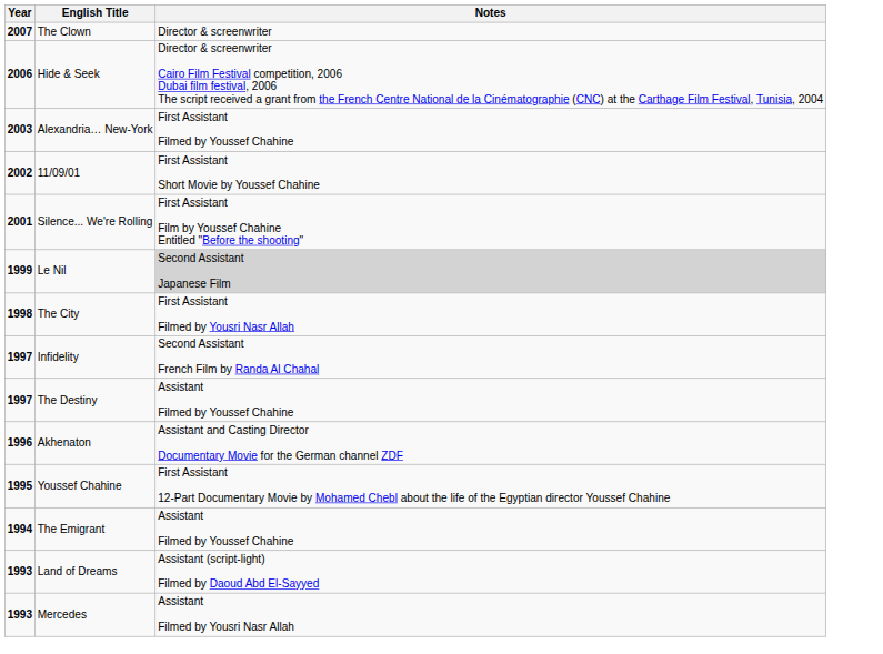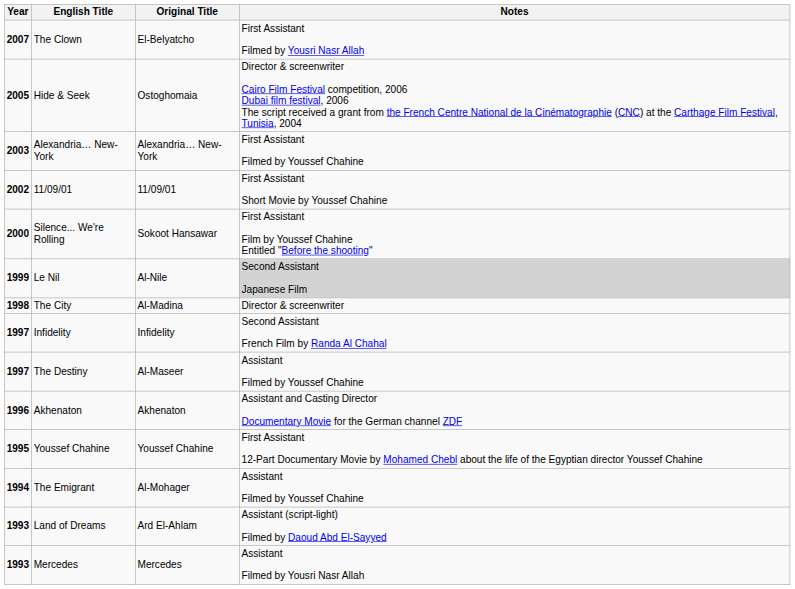 <table class="wikitable">
 <tr>
 <th>Year</th>
 <th>English Title</th>
+<th>Original Title</th>
 <th>Notes</th>
 </tr>
 <tr>
 <td><strong>2007</strong></td>
 <td>The Clown</td>
-<td>Director & screenwriter</td>
+<td>El-Belyatcho</td>
+<td>First Assistant <br><br>Filmed by <a href='#'>Yousri Nasr Allah</a></td>
 </tr>
 <tr>
-<td><strong>2006</strong></td>
+<td><strong>2005</strong></td>
 <td>Hide & Seek</td>
+<td>Ostoghomaia</td>
 <td>Director & screenwriter<br><br><a href='#'>Cairo Film Festival</a> competition, 2006<br> <a href='#'>Dubai film festival</a>, 2006<br> The script received a grant from <a href='#'>the French Centre National de la Cinématographie</a> (<a href='#'>CNC</a>) at the <a href='#'>Carthage Film Festival</a>, <a href='#'>Tunisia</a>, 2004</td>
 </tr>
 <tr>
 <td><strong>2003</strong></td>
+<td>Alexandria… New-York</td>
 <td>Alexandria… New-York</td>
 <td>First Assistant<br><br>Filmed by Youssef Chahine</td>
 </tr>
 <tr>
 <td><strong>2002</strong></td>
 <td>11/09/01</td>
+<td>11/09/01</td>
 <td>First Assistant  <br><br>Short Movie by Youssef Chahine</td>
 </tr>
 <tr>
-<td><strong>2001</strong></td>
+<td><strong>2000</strong></td>
 <td>Silence... We're Rolling</td>
+<td>Sokoot Hansawar</td>
 <td>First Assistant <br><br>Film by Youssef Chahine<br> Entitled "<a href='#'>Before the shooting</a>"</td>
 </tr>
 <tr>
 <td><strong>1999</strong></td>
 <td>Le Nil</td>
+<td>Al-Nile</td>
 <td style="background: lightgrey;">Second Assistant <br><br>Japanese Film</td>
 </tr>
 <tr>
 <td><strong>1998</strong></td>
 <td>The City</td>
-<td>First Assistant <br><br>Filmed by <a href='#'>Yousri Nasr Allah</a></td>
+<td>Al-Madina</td>
+<td>Director & screenwriter</td>
 </tr>
 <tr>
 <td><strong>1997</strong></td>
+<td>Infidelity</td>
 <td>Infidelity</td>
 <td>Second Assistant <br><br>French Film by <a href='#'>Randa Al Chahal</a></td>
 </tr>
 <tr>
 <td><strong>1997</strong></td>
 <td>The Destiny</td>
+<td>Al-Maseer</td>
 <td>Assistant<br><br>Filmed by Youssef Chahine</td>
 </tr>
 <tr>
 <td><strong>1996</strong></td>
+<td>Akhenaton</td>
 <td>Akhenaton</td>
 <td>Assistant and Casting Director<br><br><a href='#'>Documentary Movie</a> for the German channel <a href='#'>ZDF</a></td>
 </tr>
 <tr>
 <td><strong>1995</strong></td>
 <td>Youssef Chahine</td>
+<td>Youssef Chahine</td>
 <td>First Assistant<br><br>12-Part Documentary Movie by <a href='#'>Mohamed Chebl</a> about the life of the Egyptian director Youssef Chahine</td>
 </tr>
 <tr>
 <td><strong>1994</strong></td>
 <td>The Emigrant</td>
+<td>Al-Mohager</td>
 <td>Assistant <br><br>Filmed by Youssef Chahine</td>
 </tr>
 <tr>
 <td><strong>1993</strong></td>
 <td>Land of Dreams</td>
+<td>Ard El-Ahlam</td>
 <td>Assistant (script-light) <br><br>Filmed by <a href='#'>Daoud Abd El-Sayyed</a></td>
 </tr>
 <tr>
 <td><strong>1993</strong></td>
 <td>Mercedes</td>
+<td>Mercedes</td>
 <td>Assistant <br><br>Filmed by Yousri Nasr Allah</td>
 </tr>
 </table>
